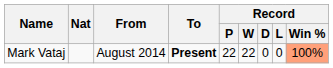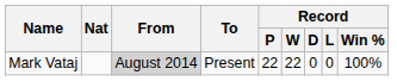 <table class="wikitable" style="text-align: center">
 <tr>
 <th rowspan="2">Name</th>
 <th rowspan="2">Nat</th>
 <th rowspan="2">From</th>
 <th rowspan="2">To</th>
 <th colspan="6">Record</th>
 </tr>
 <tr>
 <th>P</th>
 <th>W</th>
 <th>D</th>
 <th>L</th>
 <th>Win %</th>
 </tr>
 <tr>
 <td align=left>Mark Vataj</td>
 <td align=left></td>
-<td align=left>August 2014</td>
-<td align=left><strong>Present</strong></td>
+<td align=left style="background: lightgrey;">August 2014</td>
+<td align=left>Present</td>
 <td>22</td>
 <td>22</td>
 <td>0</td>
 <td>0</td>
-<td style="background: lightsalmon;">100%</td>
+<td>100%</td>
 </tr>
 </table>
